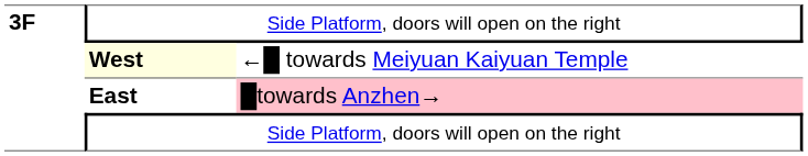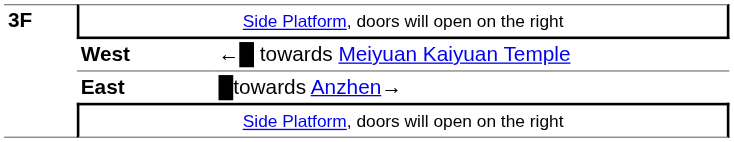 <table table border=0 cellspacing=0 cellpadding=3>
 <tr>
 <td style="border-top:solid 1px gray;border-bottom:solid 1px gray;" width=50 rowspan=4 valign=top><strong>3F</strong></td>
 <td style="border-right:solid 2px black;border-left:solid 2px black;border-bottom:solid 2px black;border-top:solid 1px gray;text-align:center;" colspan=2><small><a href='#'>Side Platform</a>, doors will open on the right</small></td>
 </tr>
 <tr>
-<td style="background: lightyellow; border-bottom:solid 1px gray;" width=100><strong>West</strong></td>
+<td style="border-bottom:solid 1px gray;" width=100><strong>West</strong></td>
 <td style="border-bottom:solid 1px gray;" width=390>←<span>█</span> towards <a href='#'>Meiyuan Kaiyuan Temple</a></td>
 </tr>
 <tr>
 <td><strong>East</strong></td>
-<td style="background: pink;"><span>█</span>towards <a href='#'>Anzhen</a>→</td>
+<td><span>█</span>towards <a href='#'>Anzhen</a>→</td>
 </tr>
 <tr>
 <td style="border-top:solid 2px black;border-right:solid 2px black;border-left:solid 2px black;border-bottom:solid 1px gray;text-align:center;" colspan=2><small><a href='#'>Side Platform</a>, doors will open on the right</small></td>
 </tr>
 </table>
